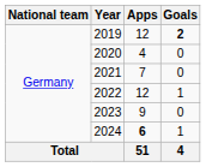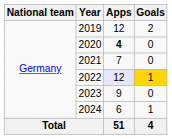 <table class="wikitable" style="text-align:center">
 <tr>
 <th>National team</th>
 <th>Year</th>
 <th>Apps</th>
 <th>Goals</th>
 </tr>
 <tr>
 <td rowspan="6"><a href='#'>Germany</a></td>
 <td>2019</td>
 <td>12</td>
-<td><strong>2</strong></td>
+<td>2</td>
 </tr>
 <tr>
 <td>2020</td>
-<td>4</td>
+<td><strong>4</strong></td>
 <td>0</td>
 </tr>
 <tr>
 <td>2021</td>
 <td>7</td>
 <td>0</td>
 </tr>
 <tr>
 <td>2022</td>
-<td>12</td>
-<td>1</td>
+<td style="background: lavender;">12</td>
+<td style="background: gold;">1</td>
 </tr>
 <tr>
 <td>2023</td>
 <td>9</td>
 <td>0</td>
 </tr>
 <tr>
 <td>2024</td>
-<td><strong>6</strong></td>
+<td>6</td>
 <td>1</td>
 </tr>
 <tr>
 <th colspan="2">Total</th>
 <th>51</th>
 <th>4</th>
 </tr>
 </table>
